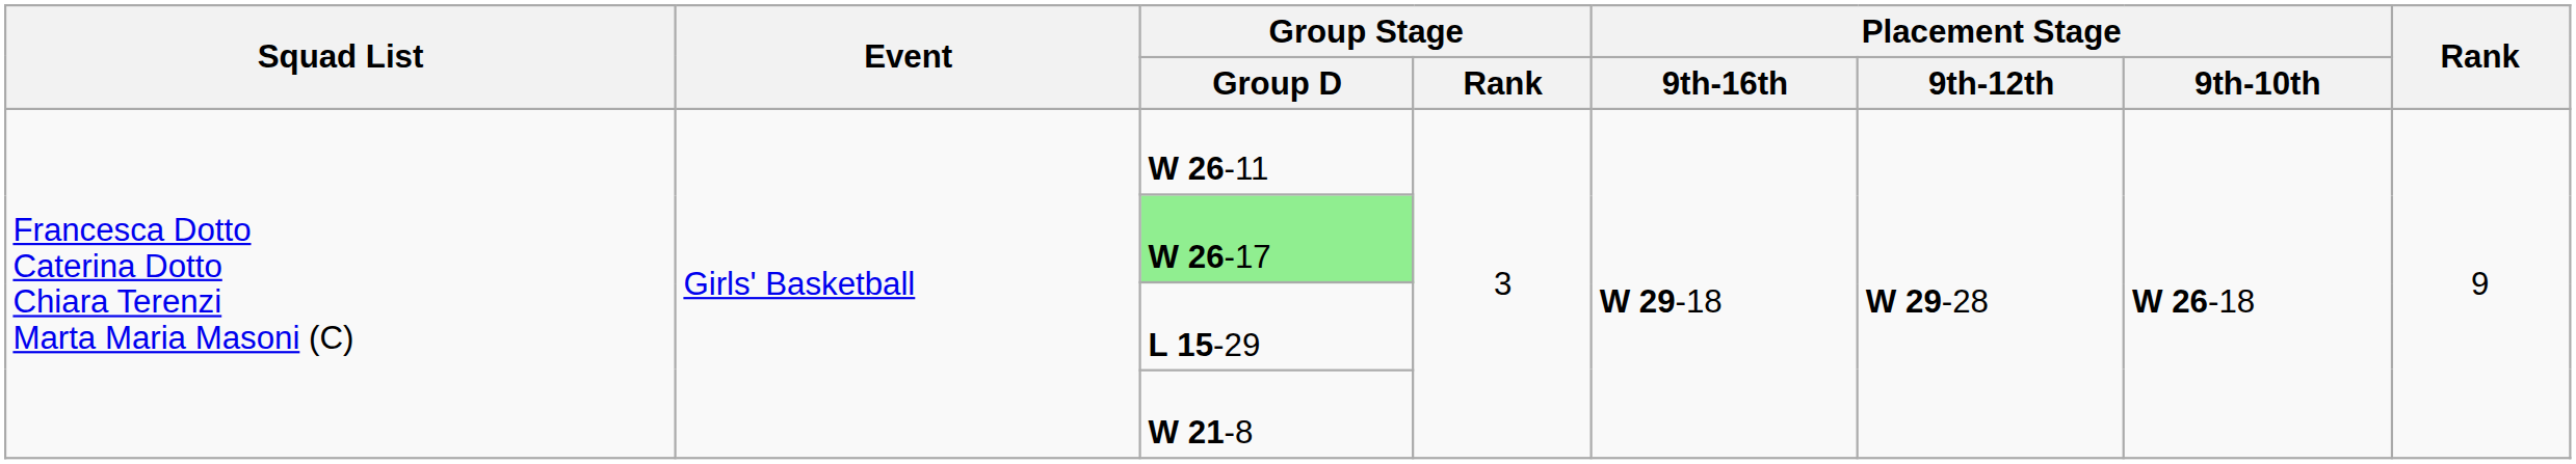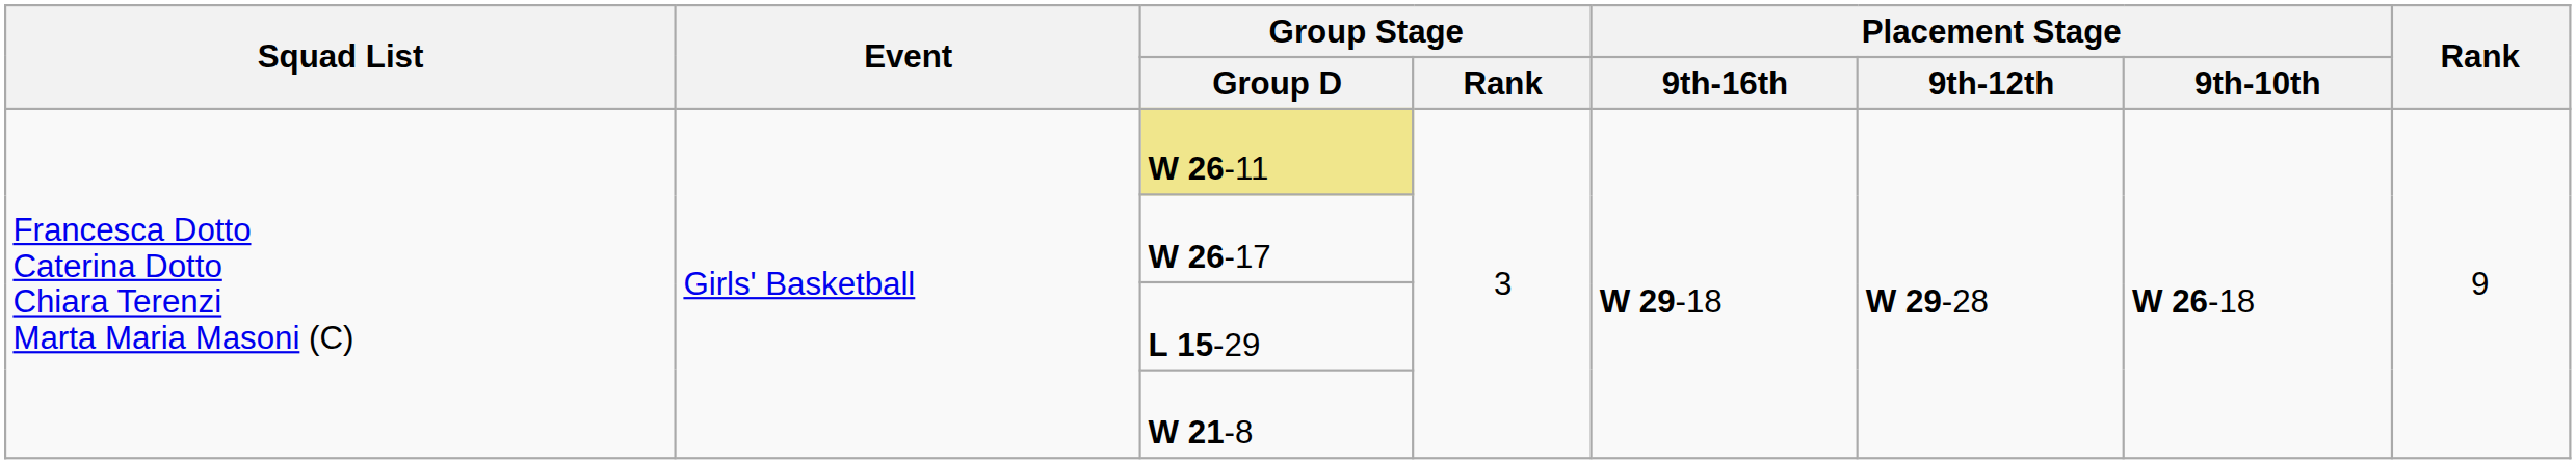 <table class="wikitable" width="90%" style="text-align:left; font-size:90%">
 <tr>
 <th rowspan="2">Squad List</th>
 <th rowspan="2">Event</th>
 <th colspan="2">Group Stage</th>
 <th colspan="3">Placement Stage</th>
 <th rowspan="2">Rank</th>
 </tr>
 <tr>
 <th>Group D</th>
 <th>Rank</th>
 <th>9th-16th</th>
 <th>9th-12th</th>
 <th>9th-10th</th>
 </tr>
 <tr>
 <td rowspan="4"><a href='#'>Francesca Dotto</a><br><a href='#'>Caterina Dotto</a><br><a href='#'>Chiara Terenzi</a><br><a href='#'>Marta Maria Masoni</a> (C)</td>
 <td rowspan="4"><a href='#'>Girls' Basketball</a></td>
-<td><br> <strong>W</strong> <strong>26</strong>-11</td>
+<td style="background: khaki;"><br> <strong>W</strong> <strong>26</strong>-11</td>
 <td rowspan="4" align=center>3</td>
 <td rowspan="4"> <br> <strong>W</strong> <strong>29</strong>-18</td>
 <td rowspan="4"> <br> <strong>W</strong> <strong>29</strong>-28</td>
 <td rowspan="4"> <br> <strong>W</strong> <strong>26</strong>-18</td>
 <td rowspan="4" align="center">9</td>
 </tr>
 <tr>
-<td style="background: lightgreen;"><br> <strong>W</strong> <strong>26</strong>-17</td>
+<td><br> <strong>W</strong> <strong>26</strong>-17</td>
 </tr>
 <tr>
 <td><br> <strong>L</strong> <strong>15</strong>-29</td>
 </tr>
 <tr>
 <td><br> <strong>W</strong> <strong>21</strong>-8</td>
 </tr>
 </table>
